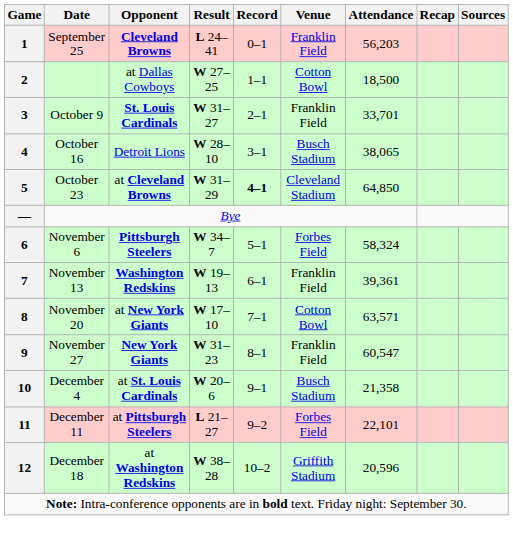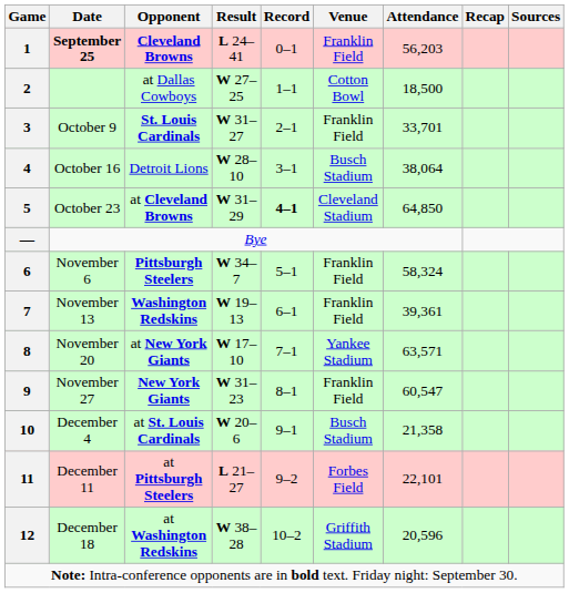 <table class="wikitable" style="text-align:center">
 <tr>
 <th>Game</th>
 <th>Date</th>
 <th>Opponent</th>
 <th>Result</th>
 <th>Record</th>
 <th>Venue</th>
 <th>Attendance</th>
 <th>Recap</th>
 <th>Sources</th>
 </tr>
 <tr style="background:#fcc">
 <th>1</th>
-<td>September 25</td>
+<td><strong>September 25</strong></td>
 <td><strong><a href='#'>Cleveland Browns</a></strong></td>
 <td><strong>L</strong> 24–41</td>
 <td>0–1</td>
 <td><a href='#'>Franklin Field</a></td>
 <td>56,203</td>
 <td></td>
 <td></td>
 </tr>
 <tr style="background:#cfc">
 <th>2</th>
 <td></td>
 <td>at <a href='#'>Dallas Cowboys</a></td>
 <td><strong>W</strong> 27–25</td>
 <td>1–1</td>
 <td><a href='#'>Cotton Bowl</a></td>
 <td>18,500</td>
 <td></td>
 <td></td>
 </tr>
 <tr style="background:#cfc">
 <th>3</th>
 <td>October 9</td>
 <td><strong><a href='#'>St. Louis Cardinals</a></strong></td>
 <td><strong>W</strong> 31–27</td>
 <td>2–1</td>
 <td>Franklin Field</td>
 <td>33,701</td>
 <td></td>
 <td></td>
 </tr>
 <tr style="background:#cfc">
 <th>4</th>
 <td>October 16</td>
 <td><a href='#'>Detroit Lions</a></td>
 <td><strong>W</strong> 28–10</td>
 <td>3–1</td>
 <td><a href='#'>Busch Stadium</a></td>
-<td>38,065</td>
+<td>38,064</td>
 <td></td>
 <td></td>
 </tr>
 <tr style="background:#cfc">
 <th>5</th>
 <td>October 23</td>
 <td>at <strong><a href='#'>Cleveland Browns</a></strong></td>
 <td><strong>W</strong> 31–29</td>
 <td><strong>4–1</strong></td>
 <td><a href='#'>Cleveland Stadium</a></td>
 <td>64,850</td>
 <td></td>
 <td></td>
 </tr>
 <tr>
 <th>—</th>
 <td colspan="6"><em><a href='#'>Bye</a></em></td>
 </tr>
 <tr style="background:#cfc">
 <th>6</th>
 <td>November 6</td>
 <td><strong><a href='#'>Pittsburgh Steelers</a></strong></td>
 <td><strong>W</strong> 34–7</td>
 <td>5–1</td>
-<td><a href='#'>Forbes Field</a></td>
+<td>Franklin Field</td>
 <td>58,324</td>
 <td></td>
 <td></td>
 </tr>
 <tr style="background:#cfc">
 <th>7</th>
 <td>November 13</td>
 <td><strong><a href='#'>Washington Redskins</a></strong></td>
 <td><strong>W</strong> 19–13</td>
 <td>6–1</td>
 <td>Franklin Field</td>
 <td>39,361</td>
 <td></td>
 <td></td>
 </tr>
 <tr style="background:#cfc">
 <th>8</th>
 <td>November 20</td>
 <td>at <strong><a href='#'>New York Giants</a></strong></td>
 <td><strong>W</strong> 17–10</td>
 <td>7–1</td>
-<td><a href='#'>Cotton Bowl</a></td>
+<td><a href='#'>Yankee Stadium</a></td>
 <td>63,571</td>
 <td></td>
 <td></td>
 </tr>
 <tr style="background:#cfc">
 <th>9</th>
 <td>November 27</td>
 <td><strong><a href='#'>New York Giants</a></strong></td>
 <td><strong>W</strong> 31–23</td>
 <td>8–1</td>
 <td>Franklin Field</td>
 <td>60,547</td>
 <td></td>
 <td></td>
 </tr>
 <tr style="background:#cfc">
 <th>10</th>
 <td>December 4</td>
 <td>at <strong><a href='#'>St. Louis Cardinals</a></strong></td>
 <td><strong>W</strong> 20–6</td>
 <td>9–1</td>
 <td><a href='#'>Busch Stadium</a></td>
 <td>21,358</td>
 <td></td>
 <td></td>
 </tr>
 <tr style="background:#fcc">
 <th>11</th>
 <td>December 11</td>
 <td>at <strong><a href='#'>Pittsburgh Steelers</a></strong></td>
 <td><strong>L</strong> 21–27</td>
 <td>9–2</td>
 <td><a href='#'>Forbes Field</a></td>
 <td>22,101</td>
 <td></td>
 <td></td>
 </tr>
 <tr style="background:#cfc">
 <th>12</th>
 <td>December 18</td>
 <td>at <strong><a href='#'>Washington Redskins</a></strong></td>
 <td><strong>W</strong> 38–28</td>
 <td>10–2</td>
 <td><a href='#'>Griffith Stadium</a></td>
 <td>20,596</td>
 <td></td>
 <td></td>
 </tr>
 <tr>
 <td colspan="10"><strong>Note:</strong> Intra-conference opponents are in <strong>bold</strong> text. Friday night: September 30.</td>
 </tr>
 </table>
